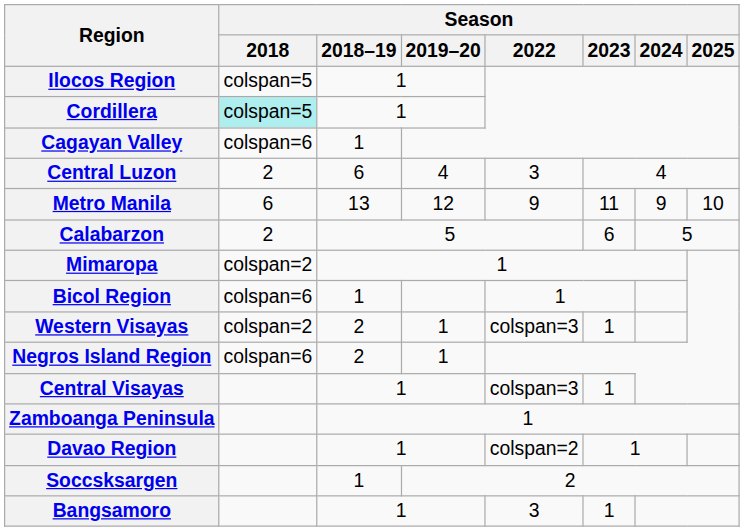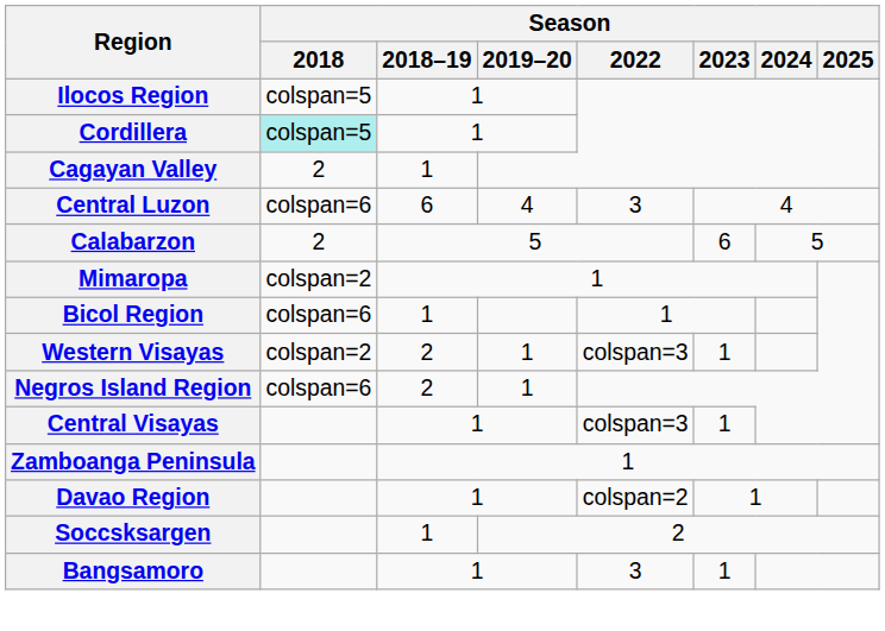 <table class="wikitable sortable" style="text-align:center">
 <tr>
 <th rowspan=2>Region</th>
 <th colspan=7>Season</th>
 </tr>
 <tr>
 <th>2018</th>
 <th>2018–19</th>
 <th>2019–20</th>
 <th>2022</th>
 <th>2023</th>
 <th>2024</th>
 <th>2025</th>
 </tr>
 <tr>
 <th><a href='#'>Ilocos Region</a></th>
 <td>colspan=5 </td>
 <td colspan=2>1</td>
 </tr>
 <tr>
 <th><a href='#'>Cordillera</a></th>
 <td style="background: paleturquoise;">colspan=5 </td>
 <td colspan=2>1</td>
 </tr>
 <tr>
 <th><a href='#'>Cagayan Valley</a></th>
-<td>colspan=6 </td>
+<td>2</td>
 <td>1</td>
 </tr>
 <tr>
 <th><a href='#'>Central Luzon</a></th>
-<td>2</td>
+<td>colspan=6 </td>
 <td>6</td>
 <td>4</td>
 <td>3</td>
 <td colspan=3>4</td>
-</tr>
-<tr>
-<th><a href='#'>Metro Manila</a></th>
-<td>6</td>
-<td>13</td>
-<td>12</td>
-<td>9</td>
-<td>11</td>
-<td>9</td>
-<td>10</td>
 </tr>
 <tr>
 <th><a href='#'>Calabarzon</a></th>
 <td>2</td>
 <td colspan=3>5</td>
 <td>6</td>
 <td colspan=2>5</td>
 </tr>
 <tr>
 <th><a href='#'>Mimaropa</a></th>
 <td>colspan=2 </td>
 <td colspan=5>1</td>
 </tr>
 <tr>
 <th><a href='#'>Bicol Region</a></th>
 <td>colspan=6 </td>
 <td>1</td>
 <td></td>
 <td colspan=2>1</td>
 <td></td>
 </tr>
 <tr>
 <th><a href='#'>Western Visayas</a></th>
 <td>colspan=2 </td>
 <td>2</td>
 <td>1</td>
 <td>colspan=3 </td>
 <td>1</td>
 <td></td>
 </tr>
 <tr>
 <th><a href='#'>Negros Island Region</a></th>
 <td>colspan=6 </td>
 <td>2</td>
 <td>1</td>
 </tr>
 <tr>
 <th><a href='#'>Central Visayas</a></th>
 <td></td>
 <td colspan=2>1</td>
 <td>colspan=3 </td>
 <td>1</td>
 </tr>
 <tr>
 <th><a href='#'>Zamboanga Peninsula</a></th>
 <td></td>
 <td colspan=6>1</td>
 </tr>
 <tr>
 <th><a href='#'>Davao Region</a></th>
 <td></td>
 <td colspan=2>1</td>
 <td>colspan=2 </td>
 <td colspan=2>1</td>
 </tr>
 <tr>
 <th><a href='#'>Soccsksargen</a></th>
 <td></td>
 <td>1</td>
 <td colspan=5>2</td>
 </tr>
 <tr>
 <th><a href='#'>Bangsamoro</a></th>
 <td></td>
 <td colspan=2>1</td>
 <td>3</td>
 <td>1</td>
 </tr>
 </table>
